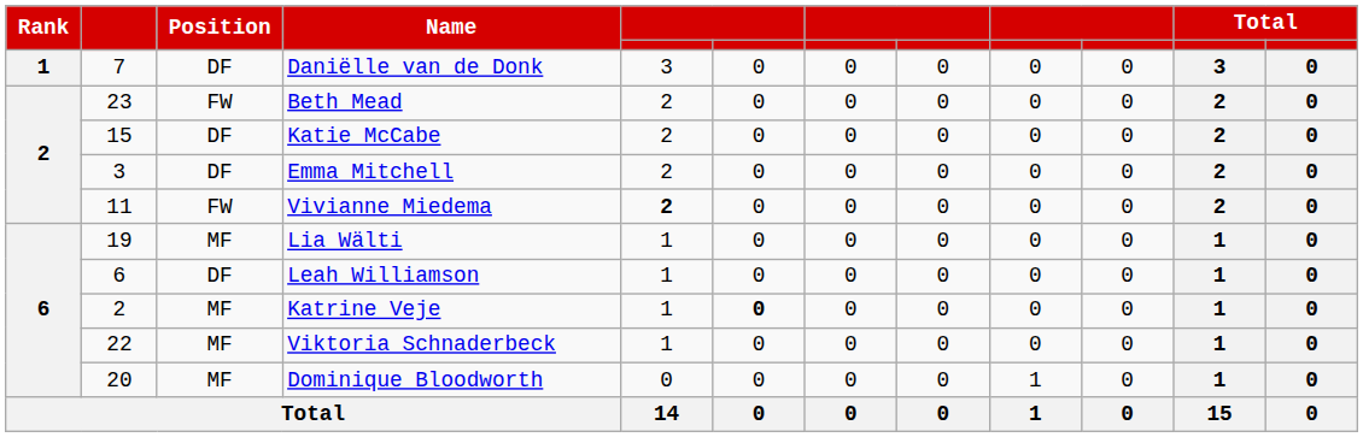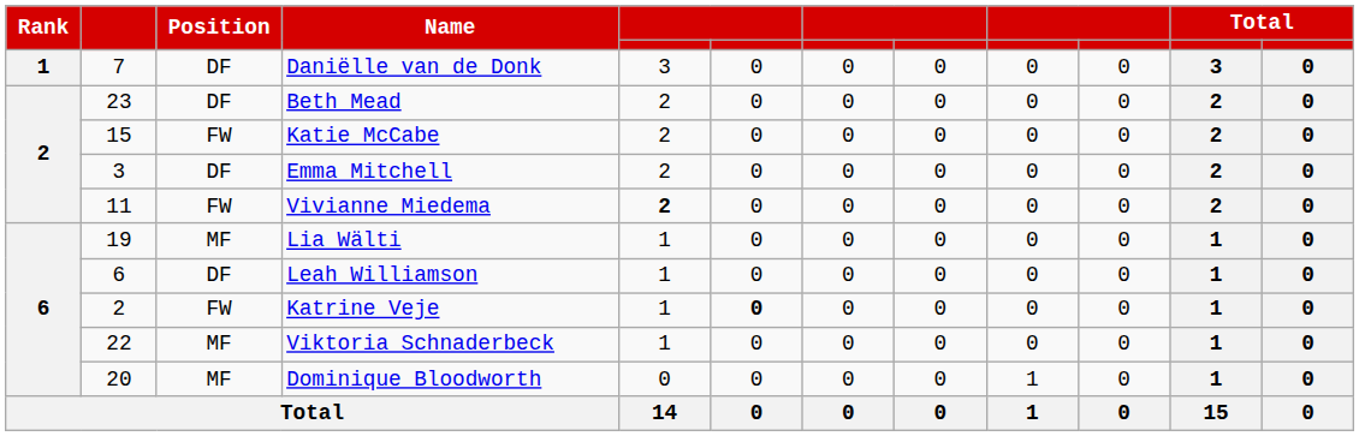 <table class="wikitable" style="text-align:center; font-size:100%; ">
 <tr>
 <th style="background:#d50000; color:white; text-align:center; width:40px" rowspan="2">Rank</th>
 <th style="background:#d50000; color:white; text-align:center; width:40px" rowspan="2"></th>
 <th rowspan="2" style="background:#d50000; color:white; text-align:center; width:70px">Position</th>
 <th style="background:#d50000; color:white; text-align:center; width:200px" rowspan="2">Name</th>
 <th style="background:#d50000; color:white; text-align:center;" colspan="2"><a href='#'></a></th>
 <th style="background:#d50000; color:white; text-align:center;" colspan="2"><a href='#'></a></th>
 <th style="background:#d50000; color:white; text-align:center;" colspan="2"><a href='#'></a></th>
 <th style="background:#d50000; color:white; text-align:center;" colspan="2">Total</th>
 </tr>
 <tr>
 <th style="background:#d50000; color:white; text-align:center; width:50px;"></th>
 <th style="background:#d50000; color:white; text-align:center; width:50px;"></th>
 <th style="background:#d50000; color:white; text-align:center; width:50px;"></th>
 <th style="background:#d50000; color:white; text-align:center; width:50px;"></th>
 <th style="background:#d50000; color:white; text-align:center; width:50px;"></th>
 <th style="background:#d50000; color:white; text-align:center; width:50px;"></th>
 <th style="background:#d50000; color:white; text-align:center; width:50px;"></th>
 <th style="background:#d50000; color:white; text-align:center; width:50px;"></th>
 </tr>
 <tr>
 <th>1</th>
 <td>7</td>
 <td>DF</td>
 <td style="text-align: left"> <a href='#'>Daniëlle van de Donk</a></td>
 <td>3</td>
 <td>0</td>
 <td>0</td>
 <td>0</td>
 <td>0</td>
 <td>0</td>
 <th>3</th>
 <th>0</th>
 </tr>
 <tr>
 <th rowspan="4">2</th>
 <td>23</td>
-<td>FW</td>
+<td>DF</td>
 <td style="text-align: left"> <a href='#'>Beth Mead</a></td>
 <td>2</td>
 <td>0</td>
 <td>0</td>
 <td>0</td>
 <td>0</td>
 <td>0</td>
 <th>2</th>
 <th>0</th>
 </tr>
 <tr>
 <td>15</td>
-<td>DF</td>
+<td>FW</td>
 <td style="text-align: left"> <a href='#'>Katie McCabe</a></td>
 <td>2</td>
 <td>0</td>
 <td>0</td>
 <td>0</td>
 <td>0</td>
 <td>0</td>
 <th>2</th>
 <th>0</th>
 </tr>
 <tr>
 <td>3</td>
 <td>DF</td>
 <td style="text-align: left"> <a href='#'>Emma Mitchell</a></td>
 <td>2</td>
 <td>0</td>
 <td>0</td>
 <td>0</td>
 <td>0</td>
 <td>0</td>
 <th>2</th>
 <th>0</th>
 </tr>
 <tr>
 <td>11</td>
 <td>FW</td>
 <td style="text-align: left"> <a href='#'>Vivianne Miedema</a></td>
 <td><strong>2</strong></td>
 <td>0</td>
 <td>0</td>
 <td>0</td>
 <td>0</td>
 <td>0</td>
 <th>2</th>
 <th>0</th>
 </tr>
 <tr>
 <th rowspan="5">6</th>
 <td>19</td>
 <td>MF</td>
 <td style="text-align: left"> <a href='#'>Lia Wälti</a></td>
 <td>1</td>
 <td>0</td>
 <td>0</td>
 <td>0</td>
 <td>0</td>
 <td>0</td>
 <th>1</th>
 <th>0</th>
 </tr>
 <tr>
 <td>6</td>
 <td>DF</td>
 <td style="text-align: left"> <a href='#'>Leah Williamson</a></td>
 <td>1</td>
 <td>0</td>
 <td>0</td>
 <td>0</td>
 <td>0</td>
 <td>0</td>
 <th>1</th>
 <th>0</th>
 </tr>
 <tr>
 <td>2</td>
-<td>MF</td>
+<td>FW</td>
 <td style="text-align: left"> <a href='#'>Katrine Veje</a></td>
 <td>1</td>
 <td><strong>0</strong></td>
 <td>0</td>
 <td>0</td>
 <td>0</td>
 <td>0</td>
 <th>1</th>
 <th>0</th>
 </tr>
 <tr>
 <td>22</td>
 <td>MF</td>
 <td style="text-align: left"> <a href='#'>Viktoria Schnaderbeck</a></td>
 <td>1</td>
 <td>0</td>
 <td>0</td>
 <td>0</td>
 <td>0</td>
 <td>0</td>
 <th>1</th>
 <th>0</th>
 </tr>
 <tr>
 <td>20</td>
 <td>MF</td>
 <td style="text-align: left"> <a href='#'>Dominique Bloodworth</a></td>
 <td>0</td>
 <td>0</td>
 <td>0</td>
 <td>0</td>
 <td>1</td>
 <td>0</td>
 <th>1</th>
 <th>0</th>
 </tr>
 <tr>
 <th colspan="4">Total</th>
 <th>14</th>
 <th>0</th>
 <th>0</th>
 <th>0</th>
 <th>1</th>
 <th>0</th>
 <th>15</th>
 <th>0</th>
 </tr>
 </table>
